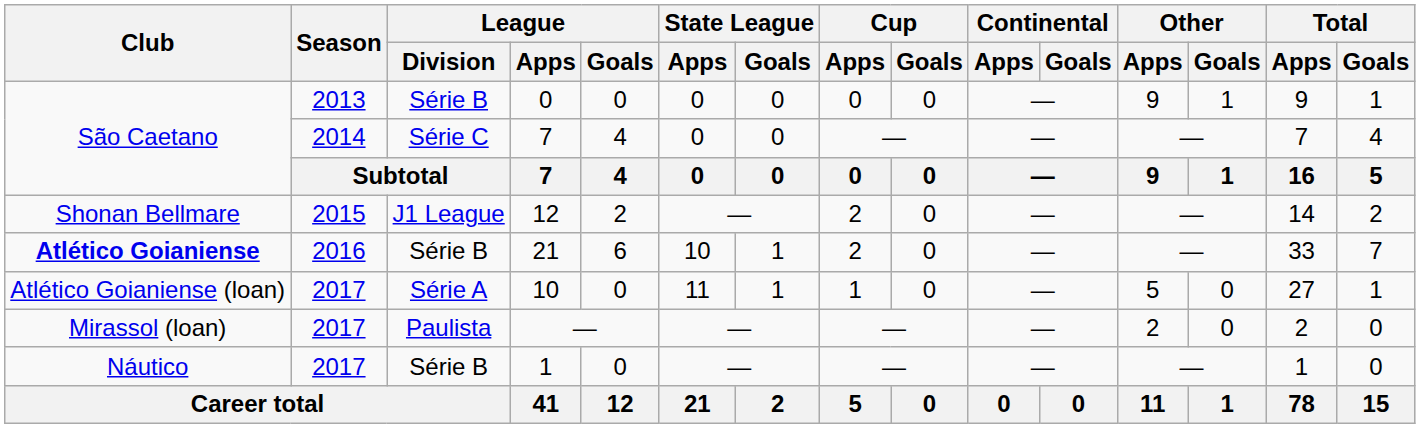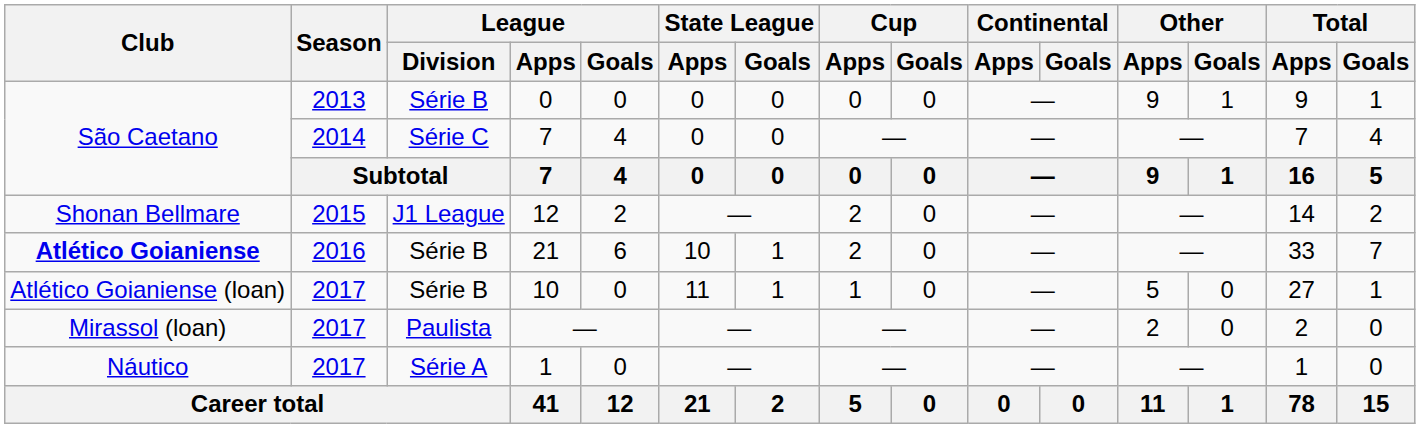 <table class="wikitable" style="text-align: center;">
 <tr>
 <th rowspan="2">Club</th>
 <th rowspan="2">Season</th>
 <th colspan="3">League</th>
 <th colspan="2">State League</th>
 <th colspan="2">Cup</th>
 <th colspan="2">Continental</th>
 <th colspan="2">Other</th>
 <th colspan="2">Total</th>
 </tr>
 <tr>
 <th>Division</th>
 <th>Apps</th>
 <th>Goals</th>
 <th>Apps</th>
 <th>Goals</th>
 <th>Apps</th>
 <th>Goals</th>
 <th>Apps</th>
 <th>Goals</th>
 <th>Apps</th>
 <th>Goals</th>
 <th>Apps</th>
 <th>Goals</th>
 </tr>
 <tr>
 <td rowspan="3" valign="center"><a href='#'>São Caetano</a></td>
 <td><a href='#'>2013</a></td>
 <td><a href='#'>Série B</a></td>
 <td>0</td>
 <td>0</td>
 <td>0</td>
 <td>0</td>
 <td>0</td>
 <td>0</td>
 <td colspan="2">—</td>
 <td>9</td>
 <td>1</td>
 <td>9</td>
 <td>1</td>
 </tr>
 <tr>
 <td><a href='#'>2014</a></td>
 <td><a href='#'>Série C</a></td>
 <td>7</td>
 <td>4</td>
 <td>0</td>
 <td>0</td>
 <td colspan="2">—</td>
 <td colspan="2">—</td>
 <td colspan="2">—</td>
 <td>7</td>
 <td>4</td>
 </tr>
 <tr>
 <th colspan="2">Subtotal</th>
 <th>7</th>
 <th>4</th>
 <th>0</th>
 <th>0</th>
 <th>0</th>
 <th>0</th>
 <th colspan="2">—</th>
 <th>9</th>
 <th>1</th>
 <th>16</th>
 <th>5</th>
 </tr>
 <tr>
 <td valign="center"><a href='#'>Shonan Bellmare</a></td>
 <td><a href='#'>2015</a></td>
 <td><a href='#'>J1 League</a></td>
 <td>12</td>
 <td>2</td>
 <td colspan="2">—</td>
 <td>2</td>
 <td>0</td>
 <td colspan="2">—</td>
 <td colspan="2">—</td>
 <td>14</td>
 <td>2</td>
 </tr>
 <tr>
 <td valign="center"><strong><a href='#'>Atlético Goianiense</a></strong></td>
 <td><a href='#'>2016</a></td>
 <td>Série B</td>
 <td>21</td>
 <td>6</td>
 <td>10</td>
 <td>1</td>
 <td>2</td>
 <td>0</td>
 <td colspan="2">—</td>
 <td colspan="2">—</td>
 <td>33</td>
 <td>7</td>
 </tr>
 <tr>
 <td valign="center"><a href='#'>Atlético Goianiense</a> (loan)</td>
 <td><a href='#'>2017</a></td>
-<td><a href='#'>Série A</a></td>
+<td>Série B</td>
 <td>10</td>
 <td>0</td>
 <td>11</td>
 <td>1</td>
 <td>1</td>
 <td>0</td>
 <td colspan="2">—</td>
 <td>5</td>
 <td>0</td>
 <td>27</td>
 <td>1</td>
 </tr>
 <tr>
 <td valign="center"><a href='#'>Mirassol</a> (loan)</td>
 <td><a href='#'>2017</a></td>
 <td><a href='#'>Paulista</a></td>
 <td colspan="2">—</td>
 <td colspan="2">—</td>
 <td colspan="2">—</td>
 <td colspan="2">—</td>
 <td>2</td>
 <td>0</td>
 <td>2</td>
 <td>0</td>
 </tr>
 <tr>
 <td valign="center"><a href='#'>Náutico</a></td>
 <td><a href='#'>2017</a></td>
-<td>Série B</td>
+<td><a href='#'>Série A</a></td>
 <td>1</td>
 <td>0</td>
 <td colspan="2">—</td>
 <td colspan="2">—</td>
 <td colspan="2">—</td>
 <td colspan="2">—</td>
 <td>1</td>
 <td>0</td>
 </tr>
 <tr>
 <th colspan="3"><strong>Career total</strong></th>
 <th>41</th>
 <th>12</th>
 <th>21</th>
 <th>2</th>
 <th>5</th>
 <th>0</th>
 <th>0</th>
 <th>0</th>
 <th>11</th>
 <th>1</th>
 <th>78</th>
 <th>15</th>
 </tr>
 </table>
